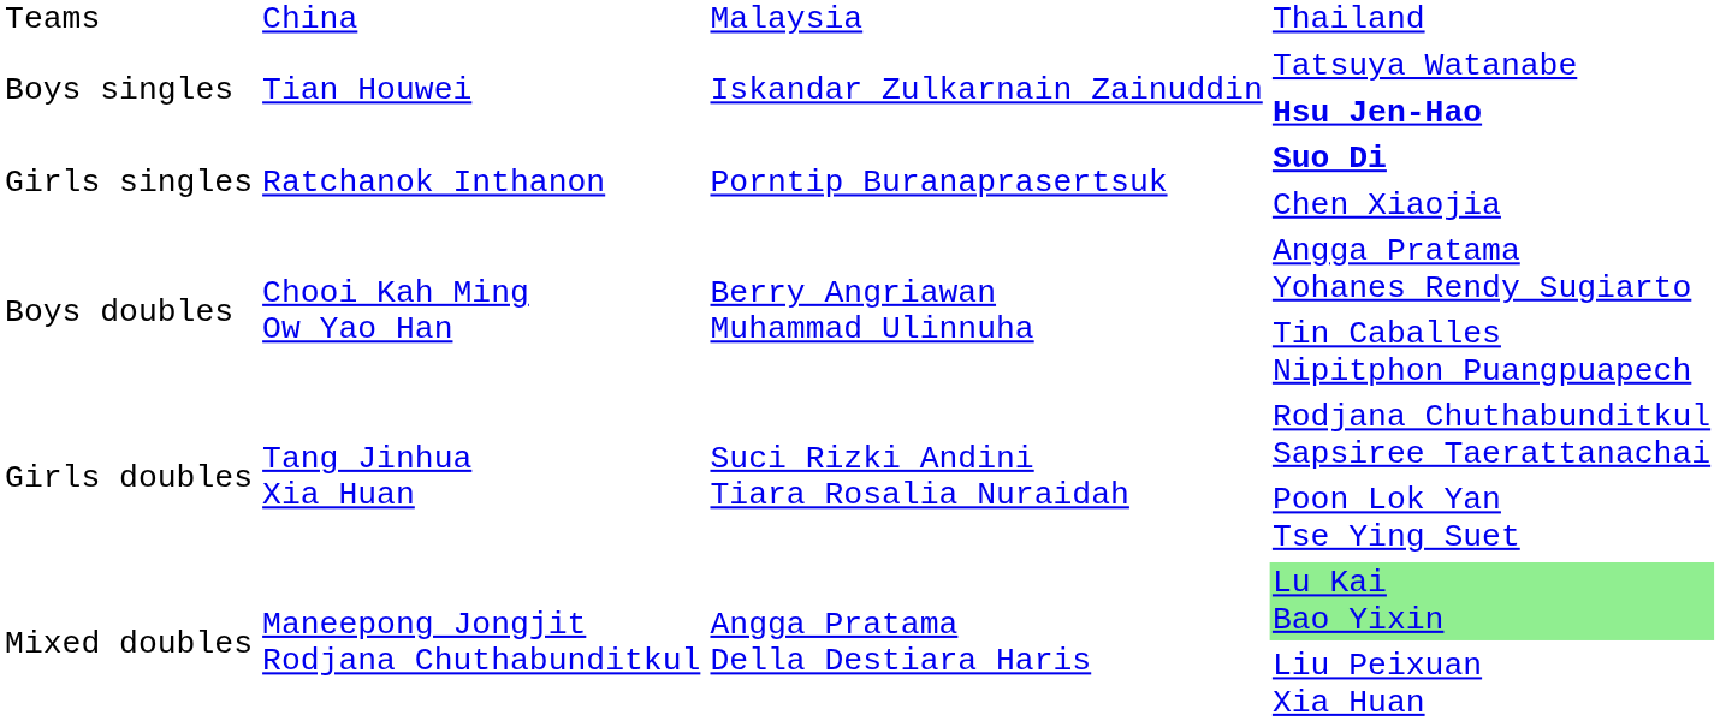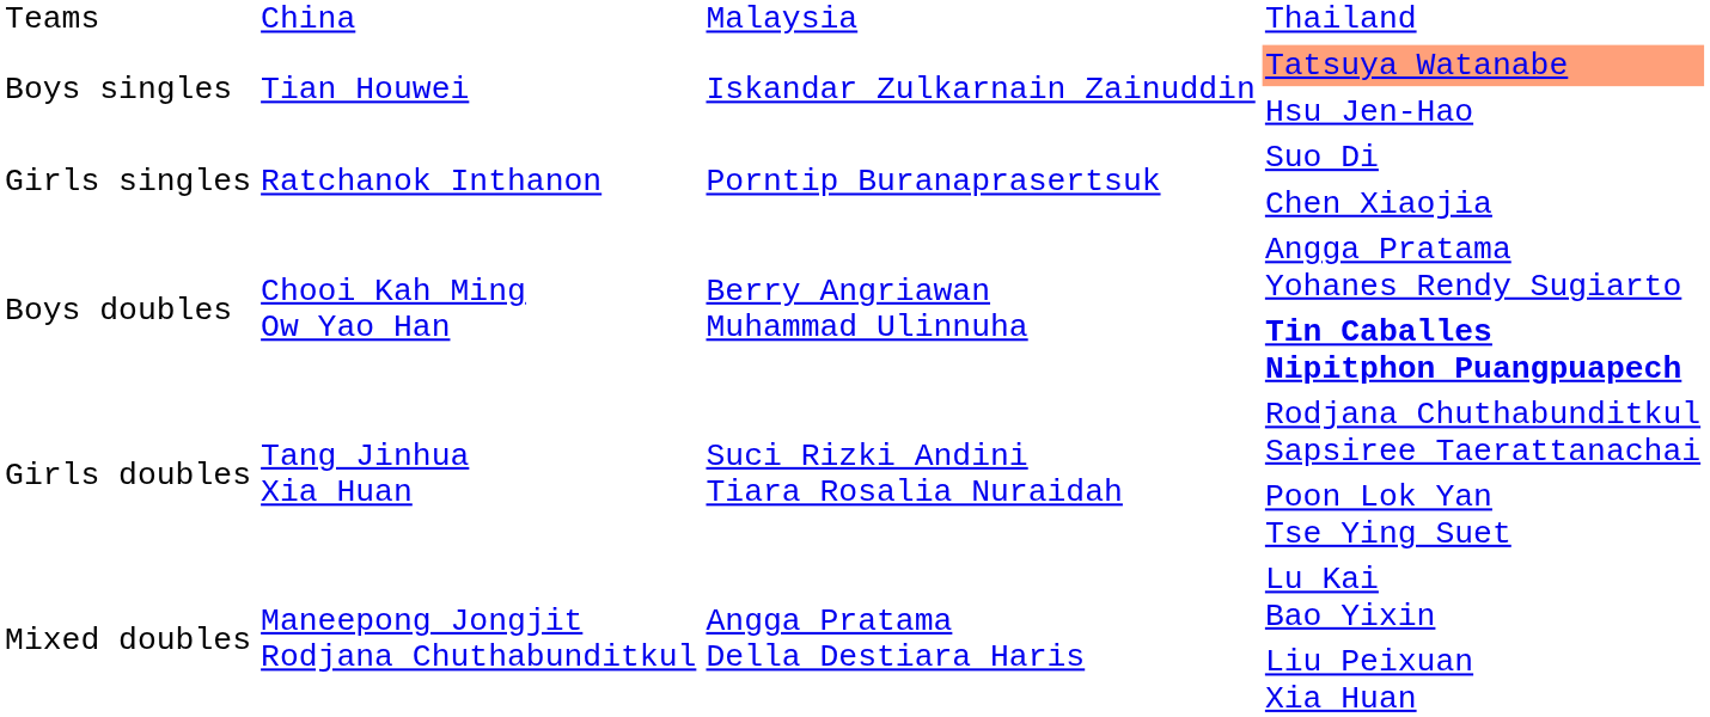 <table>
 <tr style="vertical-align:top">
 <td>Teams</td>
 <td> <a href='#'>China</a> </td>
 <td> <a href='#'>Malaysia</a> </td>
 <td> <a href='#'>Thailand</a> </td>
 </tr>
 <tr>
 <td rowspan=2>Boys singles<br></td>
 <td rowspan=2> <a href='#'>Tian Houwei</a></td>
 <td rowspan=2> <a href='#'>Iskandar Zulkarnain Zainuddin</a></td>
-<td> <a href='#'>Tatsuya Watanabe</a></td>
+<td style="background: lightsalmon;"> <a href='#'>Tatsuya Watanabe</a></td>
 </tr>
 <tr>
-<td><strong> <a href='#'>Hsu Jen-Hao</a></strong></td>
+<td> <a href='#'>Hsu Jen-Hao</a></td>
 </tr>
 <tr>
 <td rowspan=2>Girls singles<br></td>
 <td rowspan=2> <a href='#'>Ratchanok Inthanon</a></td>
 <td rowspan=2> <a href='#'>Porntip Buranaprasertsuk</a></td>
-<td><strong> <a href='#'>Suo Di</a></strong></td>
+<td> <a href='#'>Suo Di</a></td>
 </tr>
 <tr>
 <td> <a href='#'>Chen Xiaojia</a></td>
 </tr>
 <tr>
 <td rowspan=2>Boys doubles<br></td>
 <td rowspan=2> <a href='#'>Chooi Kah Ming</a><br>  <a href='#'>Ow Yao Han</a></td>
 <td rowspan=2> <a href='#'>Berry Angriawan</a><br>  <a href='#'>Muhammad Ulinnuha</a></td>
 <td> <a href='#'>Angga Pratama</a><br>  <a href='#'>Yohanes Rendy Sugiarto</a></td>
 </tr>
 <tr>
-<td> <a href='#'>Tin Caballes</a><br>  <a href='#'>Nipitphon Puangpuapech</a></td>
+<td><strong> <a href='#'>Tin Caballes</a><br>  <a href='#'>Nipitphon Puangpuapech</a></strong></td>
 </tr>
 <tr>
 <td rowspan=2>Girls doubles<br></td>
 <td rowspan=2> <a href='#'>Tang Jinhua</a><br>  <a href='#'>Xia Huan</a></td>
 <td rowspan=2> <a href='#'>Suci Rizki Andini</a><br>  <a href='#'>Tiara Rosalia Nuraidah</a></td>
 <td> <a href='#'>Rodjana Chuthabunditkul</a><br>  <a href='#'>Sapsiree Taerattanachai</a></td>
 </tr>
 <tr>
 <td> <a href='#'>Poon Lok Yan</a><br>  <a href='#'>Tse Ying Suet</a></td>
 </tr>
 <tr>
 <td rowspan=2>Mixed doubles<br></td>
 <td rowspan=2> <a href='#'>Maneepong Jongjit</a><br>  <a href='#'>Rodjana Chuthabunditkul</a></td>
 <td rowspan=2> <a href='#'>Angga Pratama</a><br>  <a href='#'>Della Destiara Haris</a></td>
-<td style="background: lightgreen;"> <a href='#'>Lu Kai</a><br>  <a href='#'>Bao Yixin</a></td>
+<td> <a href='#'>Lu Kai</a><br>  <a href='#'>Bao Yixin</a></td>
 </tr>
 <tr>
 <td> <a href='#'>Liu Peixuan</a><br>  <a href='#'>Xia Huan</a></td>
 </tr>
 </table>
